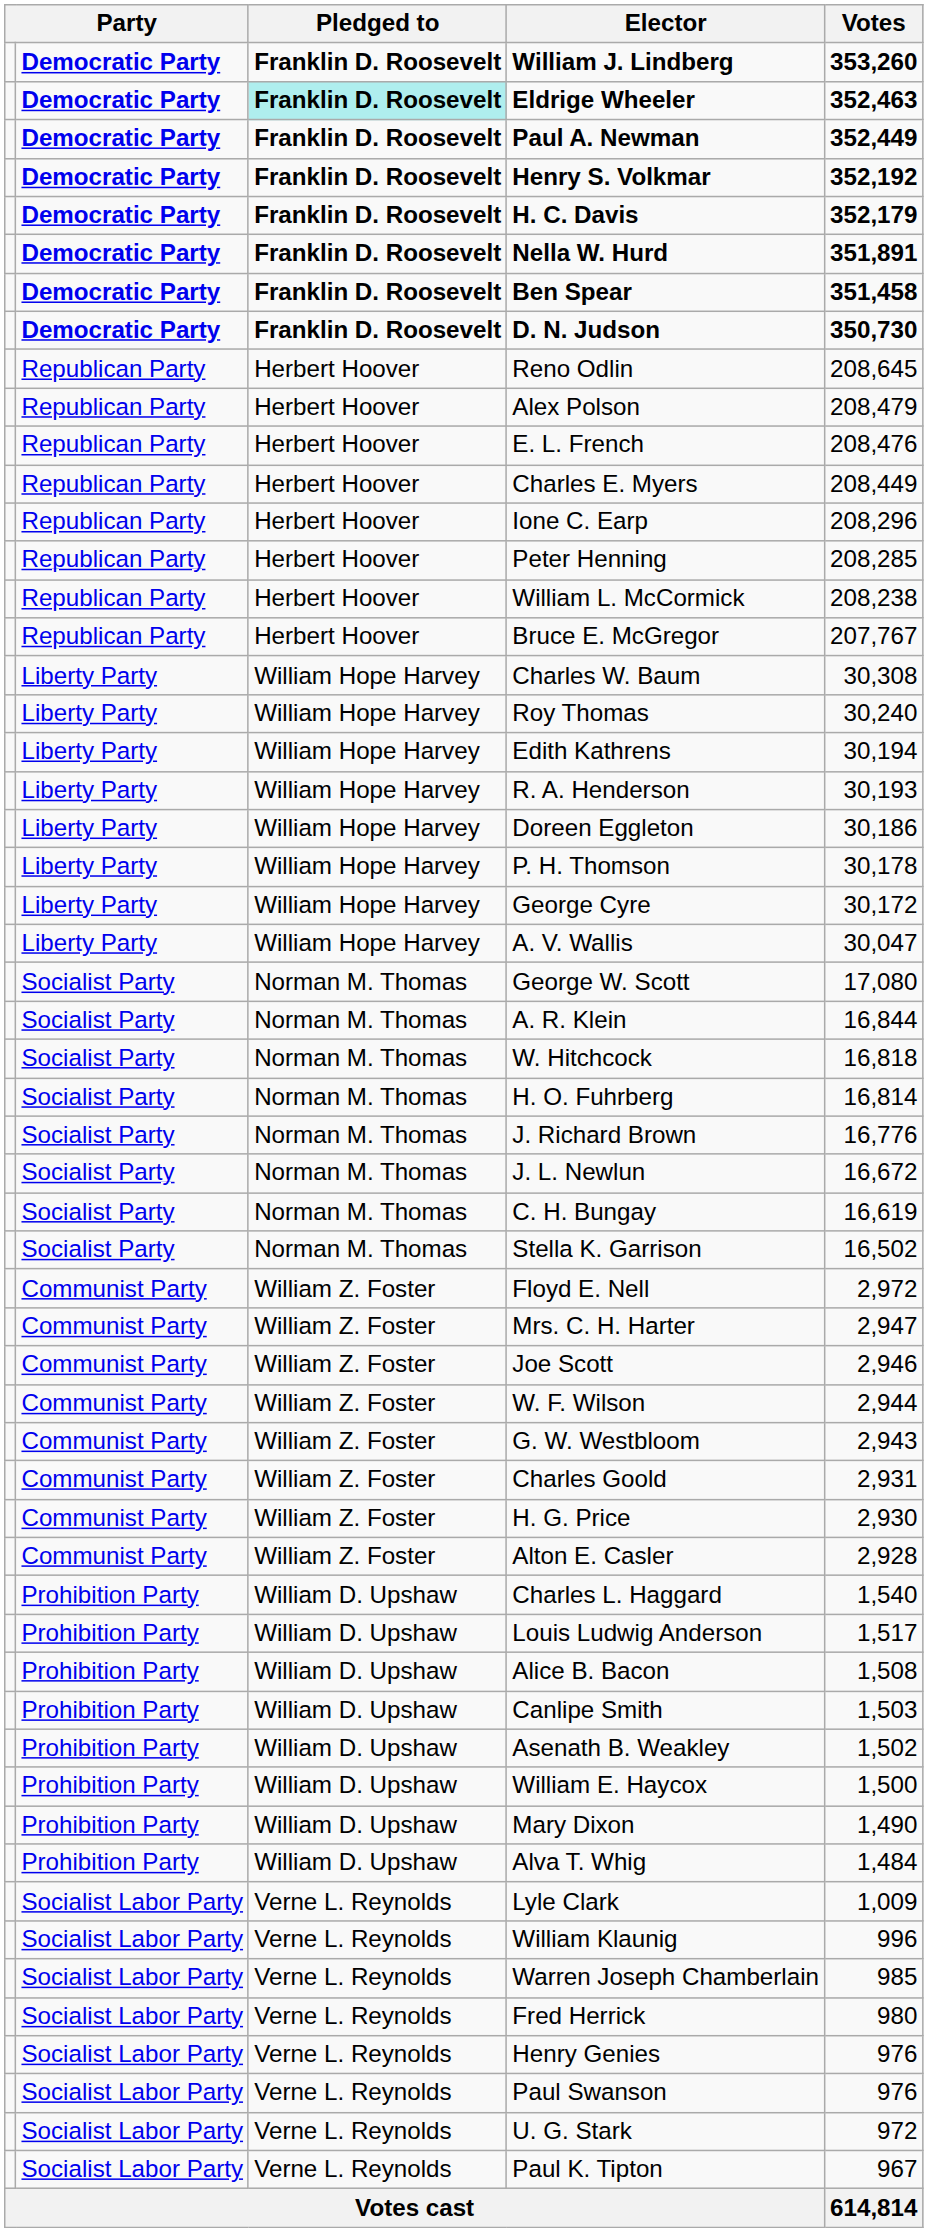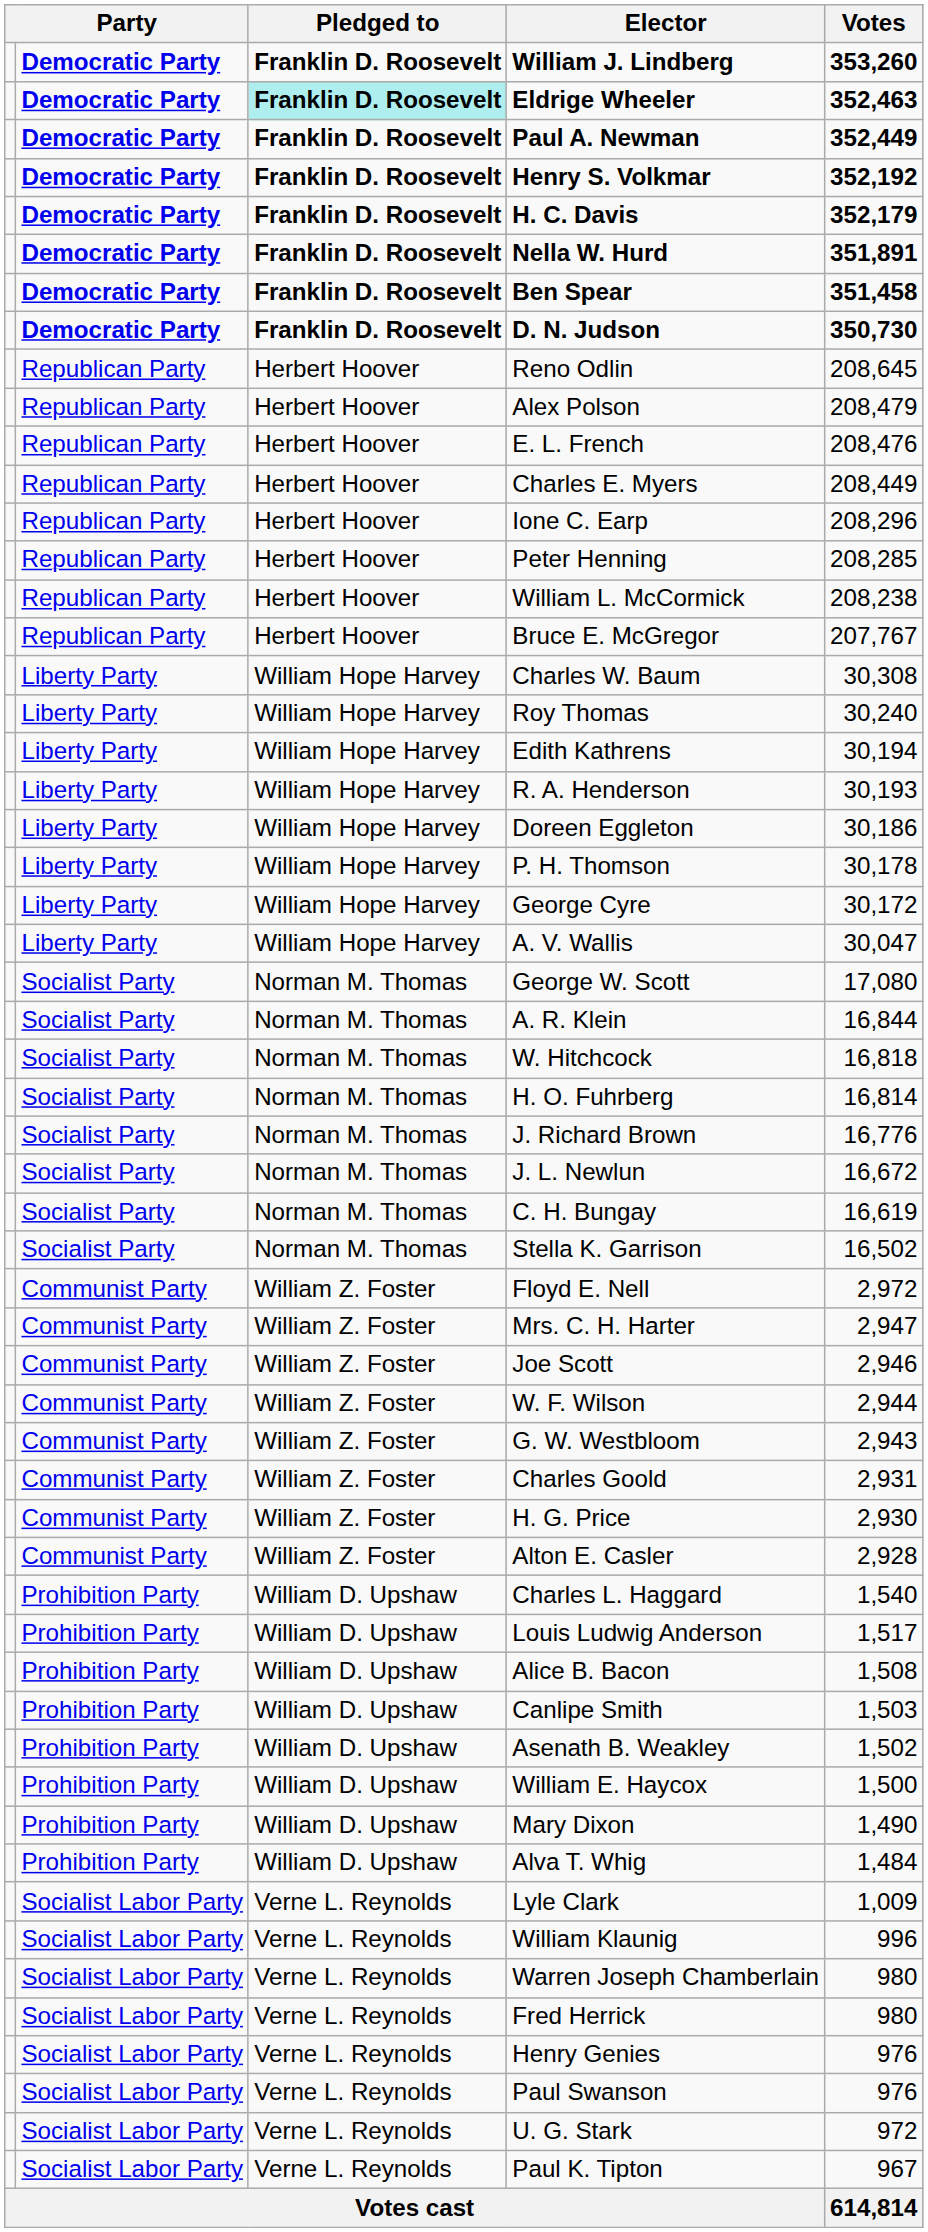 <table class="wikitable">
 <tr>
 <th colspan=2>Party</th>
 <th>Pledged to</th>
 <th>Elector</th>
 <th>Votes</th>
 </tr>
 <tr style="font-weight:bold">
 <td></td>
 <td><a href='#'>Democratic Party</a></td>
 <td>Franklin D. Roosevelt</td>
 <td>William J. Lindberg</td>
 <td align="right">353,260</td>
 </tr>
 <tr style="font-weight:bold">
 <td></td>
 <td><a href='#'>Democratic Party</a></td>
 <td style="background: paleturquoise;">Franklin D. Roosevelt</td>
 <td>Eldrige Wheeler</td>
 <td align="right">352,463</td>
 </tr>
 <tr style="font-weight:bold">
 <td></td>
 <td><a href='#'>Democratic Party</a></td>
 <td>Franklin D. Roosevelt</td>
 <td>Paul A. Newman</td>
 <td align="right">352,449</td>
 </tr>
 <tr style="font-weight:bold">
 <td></td>
 <td><a href='#'>Democratic Party</a></td>
 <td>Franklin D. Roosevelt</td>
 <td>Henry S. Volkmar</td>
 <td align="right">352,192</td>
 </tr>
 <tr style="font-weight:bold">
 <td></td>
 <td><a href='#'>Democratic Party</a></td>
 <td>Franklin D. Roosevelt</td>
 <td>H. C. Davis</td>
 <td align="right">352,179</td>
 </tr>
 <tr style="font-weight:bold">
 <td></td>
 <td><a href='#'>Democratic Party</a></td>
 <td>Franklin D. Roosevelt</td>
 <td>Nella W. Hurd</td>
 <td align="right">351,891</td>
 </tr>
 <tr style="font-weight:bold">
 <td></td>
 <td><a href='#'>Democratic Party</a></td>
 <td>Franklin D. Roosevelt</td>
 <td>Ben Spear</td>
 <td align="right">351,458</td>
 </tr>
 <tr style="font-weight:bold">
 <td></td>
 <td><a href='#'>Democratic Party</a></td>
 <td>Franklin D. Roosevelt</td>
 <td>D. N. Judson</td>
 <td align="right">350,730</td>
 </tr>
 <tr>
 <td></td>
 <td><a href='#'>Republican Party</a></td>
 <td>Herbert Hoover</td>
 <td>Reno Odlin</td>
 <td align="right">208,645</td>
 </tr>
 <tr>
 <td></td>
 <td><a href='#'>Republican Party</a></td>
 <td>Herbert Hoover</td>
 <td>Alex Polson</td>
 <td align="right">208,479</td>
 </tr>
 <tr>
 <td></td>
 <td><a href='#'>Republican Party</a></td>
 <td>Herbert Hoover</td>
 <td>E. L. French</td>
 <td align="right">208,476</td>
 </tr>
 <tr>
 <td></td>
 <td><a href='#'>Republican Party</a></td>
 <td>Herbert Hoover</td>
 <td>Charles E. Myers</td>
 <td align="right">208,449</td>
 </tr>
 <tr>
 <td></td>
 <td><a href='#'>Republican Party</a></td>
 <td>Herbert Hoover</td>
 <td>Ione C. Earp</td>
 <td align="right">208,296</td>
 </tr>
 <tr>
 <td></td>
 <td><a href='#'>Republican Party</a></td>
 <td>Herbert Hoover</td>
 <td>Peter Henning</td>
 <td align="right">208,285</td>
 </tr>
 <tr>
 <td></td>
 <td><a href='#'>Republican Party</a></td>
 <td>Herbert Hoover</td>
 <td>William L. McCormick</td>
 <td align="right">208,238</td>
 </tr>
 <tr>
 <td></td>
 <td><a href='#'>Republican Party</a></td>
 <td>Herbert Hoover</td>
 <td>Bruce E. McGregor</td>
 <td align="right">207,767</td>
 </tr>
 <tr>
 <td></td>
 <td><a href='#'>Liberty Party</a></td>
 <td>William Hope Harvey</td>
 <td>Charles W. Baum</td>
 <td align="right">30,308</td>
 </tr>
 <tr>
 <td></td>
 <td><a href='#'>Liberty Party</a></td>
 <td>William Hope Harvey</td>
 <td>Roy Thomas</td>
 <td align="right">30,240</td>
 </tr>
 <tr>
 <td></td>
 <td><a href='#'>Liberty Party</a></td>
 <td>William Hope Harvey</td>
 <td>Edith Kathrens</td>
 <td align="right">30,194</td>
 </tr>
 <tr>
 <td></td>
 <td><a href='#'>Liberty Party</a></td>
 <td>William Hope Harvey</td>
 <td>R. A. Henderson</td>
 <td align="right">30,193</td>
 </tr>
 <tr>
 <td></td>
 <td><a href='#'>Liberty Party</a></td>
 <td>William Hope Harvey</td>
 <td>Doreen Eggleton</td>
 <td align="right">30,186</td>
 </tr>
 <tr>
 <td></td>
 <td><a href='#'>Liberty Party</a></td>
 <td>William Hope Harvey</td>
 <td>P. H. Thomson</td>
 <td align="right">30,178</td>
 </tr>
 <tr>
 <td></td>
 <td><a href='#'>Liberty Party</a></td>
 <td>William Hope Harvey</td>
 <td>George Cyre</td>
 <td align="right">30,172</td>
 </tr>
 <tr>
 <td></td>
 <td><a href='#'>Liberty Party</a></td>
 <td>William Hope Harvey</td>
 <td>A. V. Wallis</td>
 <td align="right">30,047</td>
 </tr>
 <tr>
 <td></td>
 <td><a href='#'>Socialist Party</a></td>
 <td>Norman M. Thomas</td>
 <td>George W. Scott</td>
 <td align="right">17,080</td>
 </tr>
 <tr>
 <td></td>
 <td><a href='#'>Socialist Party</a></td>
 <td>Norman M. Thomas</td>
 <td>A. R. Klein</td>
 <td align="right">16,844</td>
 </tr>
 <tr>
 <td></td>
 <td><a href='#'>Socialist Party</a></td>
 <td>Norman M. Thomas</td>
 <td>W. Hitchcock</td>
 <td align="right">16,818</td>
 </tr>
 <tr>
 <td></td>
 <td><a href='#'>Socialist Party</a></td>
 <td>Norman M. Thomas</td>
 <td>H. O. Fuhrberg</td>
 <td align="right">16,814</td>
 </tr>
 <tr>
 <td></td>
 <td><a href='#'>Socialist Party</a></td>
 <td>Norman M. Thomas</td>
 <td>J. Richard Brown</td>
 <td align="right">16,776</td>
 </tr>
 <tr>
 <td></td>
 <td><a href='#'>Socialist Party</a></td>
 <td>Norman M. Thomas</td>
 <td>J. L. Newlun</td>
 <td align="right">16,672</td>
 </tr>
 <tr>
 <td></td>
 <td><a href='#'>Socialist Party</a></td>
 <td>Norman M. Thomas</td>
 <td>C. H. Bungay</td>
 <td align="right">16,619</td>
 </tr>
 <tr>
 <td></td>
 <td><a href='#'>Socialist Party</a></td>
 <td>Norman M. Thomas</td>
 <td>Stella K. Garrison</td>
 <td align="right">16,502</td>
 </tr>
 <tr>
 <td></td>
 <td><a href='#'>Communist Party</a></td>
 <td>William Z. Foster</td>
 <td>Floyd E. Nell</td>
 <td align="right">2,972</td>
 </tr>
 <tr>
 <td></td>
 <td><a href='#'>Communist Party</a></td>
 <td>William Z. Foster</td>
 <td>Mrs. C. H. Harter</td>
 <td align="right">2,947</td>
 </tr>
 <tr>
 <td></td>
 <td><a href='#'>Communist Party</a></td>
 <td>William Z. Foster</td>
 <td>Joe Scott</td>
 <td align="right">2,946</td>
 </tr>
 <tr>
 <td></td>
 <td><a href='#'>Communist Party</a></td>
 <td>William Z. Foster</td>
 <td>W. F. Wilson</td>
 <td align="right">2,944</td>
 </tr>
 <tr>
 <td></td>
 <td><a href='#'>Communist Party</a></td>
 <td>William Z. Foster</td>
 <td>G. W. Westbloom</td>
 <td align="right">2,943</td>
 </tr>
 <tr>
 <td></td>
 <td><a href='#'>Communist Party</a></td>
 <td>William Z. Foster</td>
 <td>Charles Goold</td>
 <td align="right">2,931</td>
 </tr>
 <tr>
 <td></td>
 <td><a href='#'>Communist Party</a></td>
 <td>William Z. Foster</td>
 <td>H. G. Price</td>
 <td align="right">2,930</td>
 </tr>
 <tr>
 <td></td>
 <td><a href='#'>Communist Party</a></td>
 <td>William Z. Foster</td>
 <td>Alton E. Casler</td>
 <td align="right">2,928</td>
 </tr>
 <tr>
 <td></td>
 <td><a href='#'>Prohibition Party</a></td>
 <td>William D. Upshaw</td>
 <td>Charles L. Haggard</td>
 <td align="right">1,540</td>
 </tr>
 <tr>
 <td></td>
 <td><a href='#'>Prohibition Party</a></td>
 <td>William D. Upshaw</td>
 <td>Louis Ludwig Anderson</td>
 <td align="right">1,517</td>
 </tr>
 <tr>
 <td></td>
 <td><a href='#'>Prohibition Party</a></td>
 <td>William D. Upshaw</td>
 <td>Alice B. Bacon</td>
 <td align="right">1,508</td>
 </tr>
 <tr>
 <td></td>
 <td><a href='#'>Prohibition Party</a></td>
 <td>William D. Upshaw</td>
 <td>Canlipe Smith</td>
 <td align="right">1,503</td>
 </tr>
 <tr>
 <td></td>
 <td><a href='#'>Prohibition Party</a></td>
 <td>William D. Upshaw</td>
 <td>Asenath B. Weakley</td>
 <td align="right">1,502</td>
 </tr>
 <tr>
 <td></td>
 <td><a href='#'>Prohibition Party</a></td>
 <td>William D. Upshaw</td>
 <td>William E. Haycox</td>
 <td align="right">1,500</td>
 </tr>
 <tr>
 <td></td>
 <td><a href='#'>Prohibition Party</a></td>
 <td>William D. Upshaw</td>
 <td>Mary Dixon</td>
 <td align="right">1,490</td>
 </tr>
 <tr>
 <td></td>
 <td><a href='#'>Prohibition Party</a></td>
 <td>William D. Upshaw</td>
 <td>Alva T. Whig</td>
 <td align="right">1,484</td>
 </tr>
 <tr>
 <td></td>
 <td><a href='#'>Socialist Labor Party</a></td>
 <td>Verne L. Reynolds</td>
 <td>Lyle Clark</td>
 <td align="right">1,009</td>
 </tr>
 <tr>
 <td></td>
 <td><a href='#'>Socialist Labor Party</a></td>
 <td>Verne L. Reynolds</td>
 <td>William Klaunig</td>
 <td align="right">996</td>
 </tr>
 <tr>
 <td></td>
 <td><a href='#'>Socialist Labor Party</a></td>
 <td>Verne L. Reynolds</td>
 <td>Warren Joseph Chamberlain</td>
-<td align="right">985</td>
+<td align="right">980</td>
 </tr>
 <tr>
 <td></td>
 <td><a href='#'>Socialist Labor Party</a></td>
 <td>Verne L. Reynolds</td>
 <td>Fred Herrick</td>
 <td align="right">980</td>
 </tr>
 <tr>
 <td></td>
 <td><a href='#'>Socialist Labor Party</a></td>
 <td>Verne L. Reynolds</td>
 <td>Henry Genies</td>
 <td align="right">976</td>
 </tr>
 <tr>
 <td></td>
 <td><a href='#'>Socialist Labor Party</a></td>
 <td>Verne L. Reynolds</td>
 <td>Paul Swanson</td>
 <td align="right">976</td>
 </tr>
 <tr>
 <td></td>
 <td><a href='#'>Socialist Labor Party</a></td>
 <td>Verne L. Reynolds</td>
 <td>U. G. Stark</td>
 <td align="right">972</td>
 </tr>
 <tr>
 <td></td>
 <td><a href='#'>Socialist Labor Party</a></td>
 <td>Verne L. Reynolds</td>
 <td>Paul K. Tipton</td>
 <td align="right">967</td>
 </tr>
 <tr>
 <th colspan="4">Votes cast</th>
 <th>614,814</th>
 </tr>
 </table>
